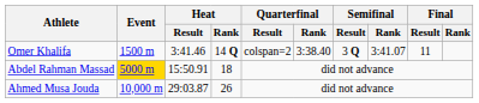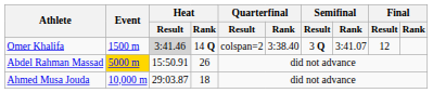 <table class="wikitable" style="font-size:90%">
 <tr>
 <th rowspan="2">Athlete</th>
 <th rowspan="2">Event</th>
 <th colspan="2">Heat</th>
 <th colspan="2">Quarterfinal</th>
 <th colspan="2">Semifinal</th>
 <th colspan="2">Final</th>
 </tr>
 <tr style="font-size:95%">
 <th>Result</th>
 <th>Rank</th>
 <th>Result</th>
 <th>Rank</th>
 <th>Result</th>
 <th>Rank</th>
 <th>Result</th>
 <th>Rank</th>
 </tr>
 <tr align=center>
 <td align=left><a href='#'>Omer Khalifa</a></td>
 <td align=left><a href='#'>1500 m</a></td>
-<td>3:41.46</td>
+<td style="background: lightgrey;">3:41.46</td>
 <td>14 <strong>Q</strong></td>
 <td>colspan=2 </td>
 <td>3:38.40</td>
 <td>3 <strong>Q</strong></td>
 <td>3:41.07</td>
-<td>11</td>
+<td>12</td>
 </tr>
 <tr align=center>
 <td align=left><a href='#'>Abdel Rahman Massad</a></td>
 <td align=left style="background: gold;"><a href='#'>5000 m</a></td>
 <td>15:50.91</td>
-<td>18</td>
+<td>26</td>
 <td colspan=6>did not advance</td>
 </tr>
 <tr align=center>
 <td align=left><a href='#'>Ahmed Musa Jouda</a></td>
 <td align=left><a href='#'>10,000 m</a></td>
 <td>29:03.87</td>
-<td>26</td>
+<td>18</td>
 <td colspan=6>did not advance</td>
 </tr>
 </table>
